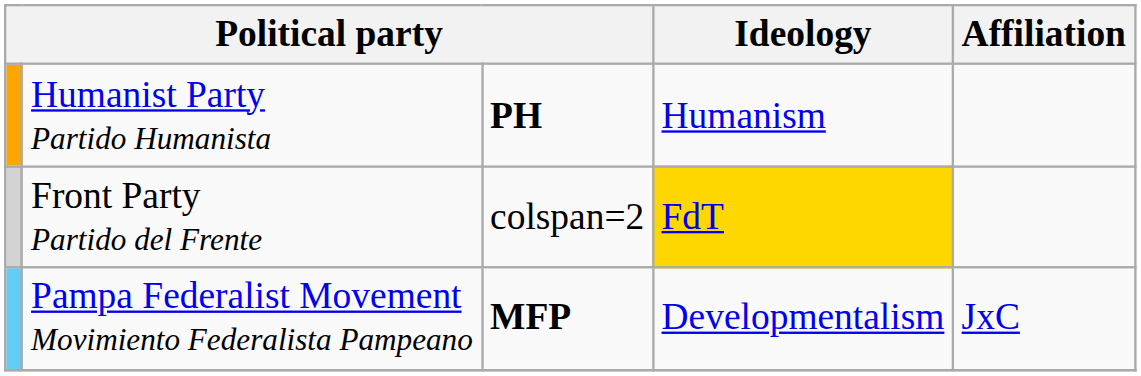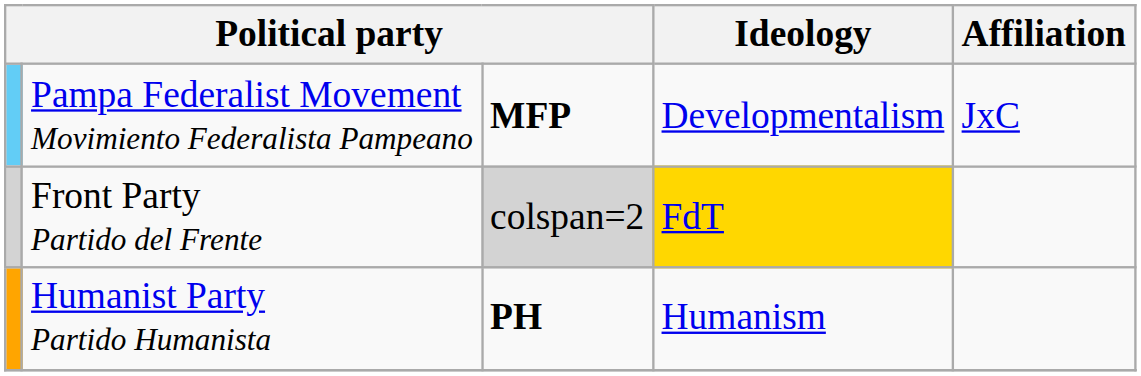 <table class="wikitable">
 <tr>
 <th colspan=3>Political party</th>
 <th>Ideology</th>
 <th>Affiliation</th>
+</tr>
+<tr>
+<th style="background:#62cdf6;"></th>
+<td><a href='#'>Pampa Federalist Movement</a><br><small><em>Movimiento Federalista Pampeano</em></small></td>
+<td><strong>MFP</strong></td>
+<td><a href='#'>Developmentalism</a></td>
+<td><a href='#'>JxC</a></td>
+</tr>
+<tr>
+<th style="background:#d3d3d3;"></th>
+<td>Front Party<br><small><em>Partido del Frente</em></small></td>
+<td style="background: lightgrey;">colspan=2 </td>
+<td style="background: gold;"><a href='#'>FdT</a></td>
 </tr>
 <tr>
 <th style="background:orange;"></th>
 <td><a href='#'>Humanist Party</a><br><small><em>Partido Humanista</em></small></td>
 <td><strong>PH</strong></td>
 <td><a href='#'>Humanism</a></td>
 <td></td>
 </tr>
 <tr>
-<th style="background:#d3d3d3;"></th>
-<td>Front Party<br><small><em>Partido del Frente</em></small></td>
-<td>colspan=2 </td>
-<td style="background: gold;"><a href='#'>FdT</a></td>
-</tr>
-<tr>
-<th style="background:#62cdf6;"></th>
-<td><a href='#'>Pampa Federalist Movement</a><br><small><em>Movimiento Federalista Pampeano</em></small></td>
-<td><strong>MFP</strong></td>
-<td><a href='#'>Developmentalism</a></td>
-<td><a href='#'>JxC</a></td>
-</tr>
-<tr>
 </tr>
 </table>
